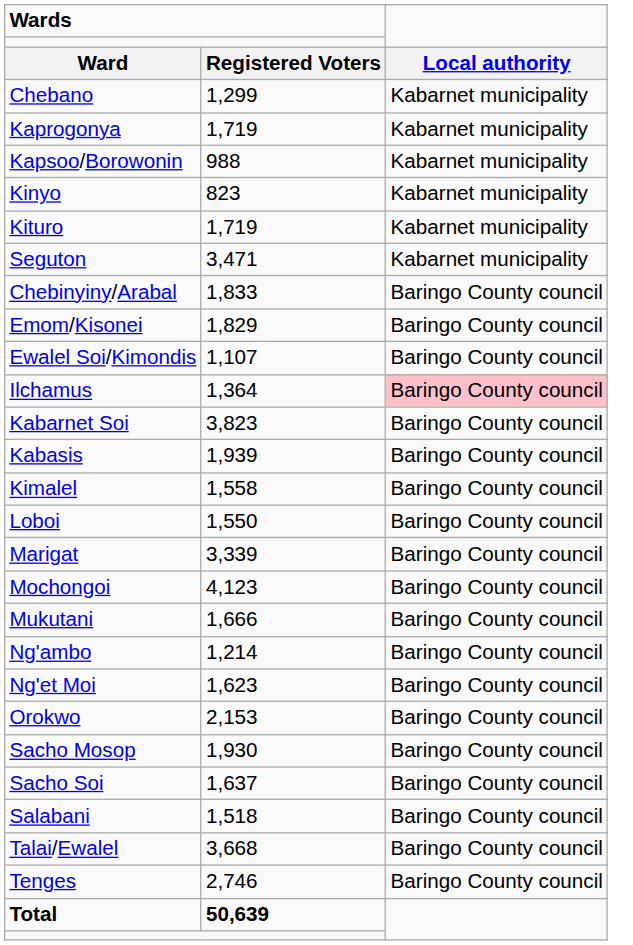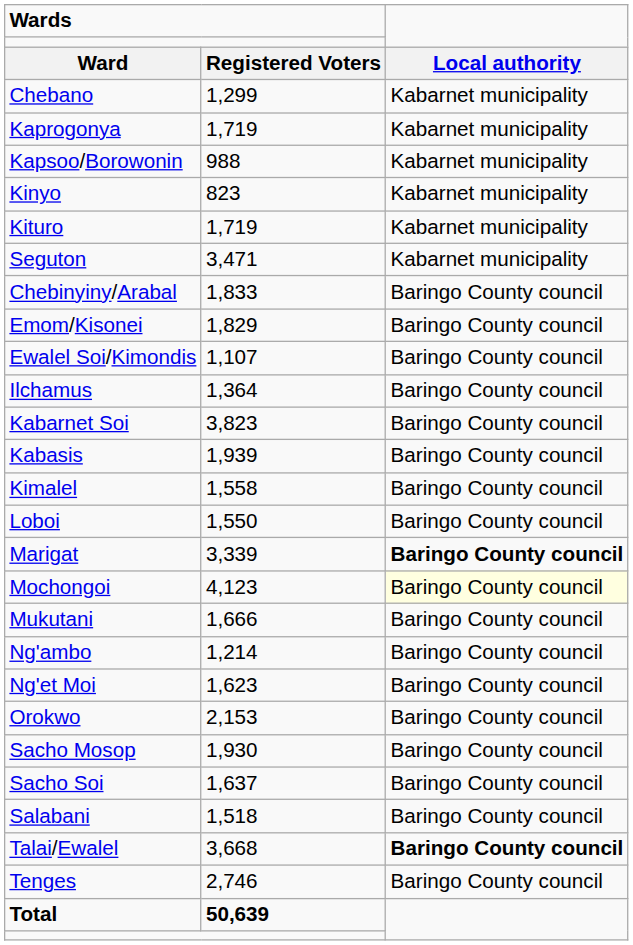 <table class="wikitable">
 <tr>
 <td colspan="2"><strong>Wards</strong></td>
 </tr>
 <tr>
 <td colspan="2"></td>
 </tr>
 <tr>
 <th>Ward</th>
 <th>Registered Voters</th>
 <th><a href='#'>Local authority</a></th>
 </tr>
 <tr>
 <td><a href='#'>Chebano</a></td>
 <td>1,299</td>
 <td>Kabarnet municipality</td>
 </tr>
 <tr>
 <td><a href='#'>Kaprogonya</a></td>
 <td>1,719</td>
 <td>Kabarnet municipality</td>
 </tr>
 <tr>
 <td><a href='#'>Kapsoo</a>/<a href='#'>Borowonin</a></td>
 <td>988</td>
 <td>Kabarnet municipality</td>
 </tr>
 <tr>
 <td><a href='#'>Kinyo</a></td>
 <td>823</td>
 <td>Kabarnet municipality</td>
 </tr>
 <tr>
 <td><a href='#'>Kituro</a></td>
 <td>1,719</td>
 <td>Kabarnet municipality</td>
 </tr>
 <tr>
 <td><a href='#'>Seguton</a></td>
 <td>3,471</td>
 <td>Kabarnet municipality</td>
 </tr>
 <tr>
 <td><a href='#'>Chebinyiny</a>/<a href='#'>Arabal</a></td>
 <td>1,833</td>
 <td>Baringo County council</td>
 </tr>
 <tr>
 <td><a href='#'>Emom</a>/<a href='#'>Kisonei</a></td>
 <td>1,829</td>
 <td>Baringo County council</td>
 </tr>
 <tr>
 <td><a href='#'>Ewalel Soi</a>/<a href='#'>Kimondis</a></td>
 <td>1,107</td>
 <td>Baringo County council</td>
 </tr>
 <tr>
 <td><a href='#'>Ilchamus</a></td>
 <td>1,364</td>
-<td style="background: pink;">Baringo County council</td>
+<td>Baringo County council</td>
 </tr>
 <tr>
 <td><a href='#'>Kabarnet Soi</a></td>
 <td>3,823</td>
 <td>Baringo County council</td>
 </tr>
 <tr>
 <td><a href='#'>Kabasis</a></td>
 <td>1,939</td>
 <td>Baringo County council</td>
 </tr>
 <tr>
 <td><a href='#'>Kimalel</a></td>
 <td>1,558</td>
 <td>Baringo County council</td>
 </tr>
 <tr>
 <td><a href='#'>Loboi</a></td>
 <td>1,550</td>
 <td>Baringo County council</td>
 </tr>
 <tr>
 <td><a href='#'>Marigat</a></td>
 <td>3,339</td>
-<td>Baringo County council</td>
+<td><strong>Baringo County council</strong></td>
 </tr>
 <tr>
 <td><a href='#'>Mochongoi</a></td>
 <td>4,123</td>
-<td>Baringo County council</td>
+<td style="background: lightyellow;">Baringo County council</td>
 </tr>
 <tr>
 <td><a href='#'>Mukutani</a></td>
 <td>1,666</td>
 <td>Baringo County council</td>
 </tr>
 <tr>
 <td><a href='#'>Ng'ambo</a></td>
 <td>1,214</td>
 <td>Baringo County council</td>
 </tr>
 <tr>
 <td><a href='#'>Ng'et Moi</a></td>
 <td>1,623</td>
 <td>Baringo County council</td>
 </tr>
 <tr>
 <td><a href='#'>Orokwo</a></td>
 <td>2,153</td>
 <td>Baringo County council</td>
 </tr>
 <tr>
 <td><a href='#'>Sacho Mosop</a></td>
 <td>1,930</td>
 <td>Baringo County council</td>
 </tr>
 <tr>
 <td><a href='#'>Sacho Soi</a></td>
 <td>1,637</td>
 <td>Baringo County council</td>
 </tr>
 <tr>
 <td><a href='#'>Salabani</a></td>
 <td>1,518</td>
 <td>Baringo County council</td>
 </tr>
 <tr>
 <td><a href='#'>Talai</a>/<a href='#'>Ewalel</a></td>
 <td>3,668</td>
-<td>Baringo County council</td>
+<td><strong>Baringo County council</strong></td>
 </tr>
 <tr>
 <td><a href='#'>Tenges</a></td>
 <td>2,746</td>
 <td>Baringo County council</td>
 </tr>
 <tr>
 <td><strong>Total</strong></td>
 <td><strong>50,639</strong></td>
 </tr>
 <tr>
 <td colspan="2"></td>
 </tr>
 </table>
